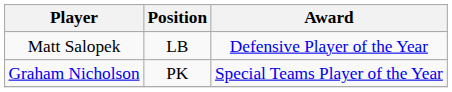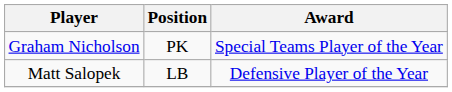 <table class="wikitable" style="text-align: center">
 <tr align=center>
 <th>Player</th>
 <th>Position</th>
 <th>Award</th>
 </tr>
 <tr>
+<td><a href='#'>Graham Nicholson</a></td>
+<td>PK</td>
+<td><a href='#'>Special Teams Player of the Year</a></td>
+</tr>
+<tr>
 <td>Matt Salopek</td>
 <td>LB</td>
 <td><a href='#'>Defensive Player of the Year</a></td>
 </tr>
 <tr>
-<td><a href='#'>Graham Nicholson</a></td>
-<td>PK</td>
-<td><a href='#'>Special Teams Player of the Year</a></td>
-</tr>
-<tr>
 </tr>
 </table>
